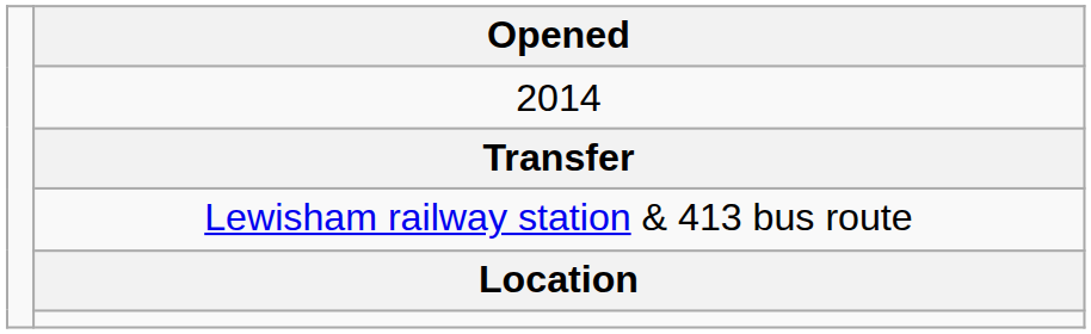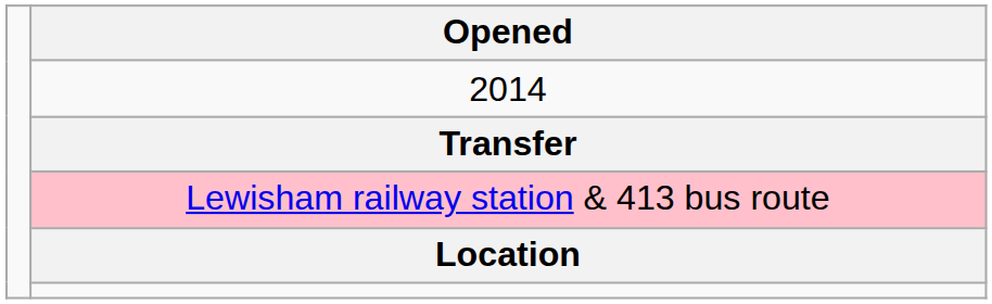 <table class=wikitable style="text-align: center; width: 450px; float:right">
 <tr>
 <td rowspan='6'></td>
 <th>Opened</th>
 </tr>
 <tr>
 <td>2014</td>
 </tr>
 <tr>
 <th>Transfer</th>
 </tr>
 <tr>
-<td><a href='#'>Lewisham railway station</a> & 413 bus route</td>
+<td style="background: pink;"><a href='#'>Lewisham railway station</a> & 413 bus route</td>
 </tr>
 <tr>
 <th>Location</th>
 </tr>
 <tr>
 <td></td>
 </tr>
 </table>
